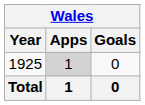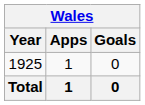 <table class="wikitable" style="text-align:center">
 <tr>
 <th colspan=3><a href='#'>Wales</a></th>
 </tr>
 <tr>
 <th>Year</th>
 <th>Apps</th>
 <th>Goals</th>
 </tr>
 <tr>
 <td>1925</td>
-<td style="background: lightgrey;">1</td>
+<td>1</td>
 <td>0</td>
 </tr>
 <tr>
 <th>Total</th>
 <th>1</th>
 <th>0</th>
 </tr>
 </table>
